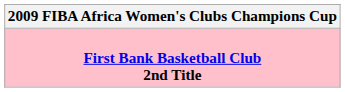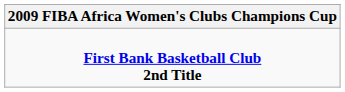 <table class=wikitable style="text-align:center; margin:auto">
 <tr>
 <th>2009 FIBA Africa Women's Clubs Champions Cup</th>
 </tr>
 <tr>
-<td style="background: pink;"><br><strong><a href='#'>First Bank Basketball Club</a></strong><br><strong>2nd Title</strong></td>
+<td><br><strong><a href='#'>First Bank Basketball Club</a></strong><br><strong>2nd Title</strong></td>
 </tr>
 </table>
